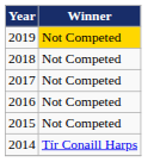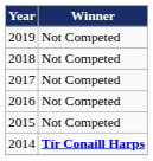 <table class="wikitable">
 <tr>
 <th style="background:#182D69;color:white">Year</th>
 <th style="background:#182D69;color:white">Winner</th>
 </tr>
 <tr>
 <td>2019</td>
-<td style="background: gold;">Not Competed</td>
+<td>Not Competed</td>
 </tr>
 <tr>
 <td>2018</td>
 <td>Not Competed</td>
 </tr>
 <tr>
 <td>2017</td>
 <td>Not Competed</td>
 </tr>
 <tr>
 <td>2016</td>
 <td>Not Competed</td>
 </tr>
 <tr>
 <td>2015</td>
 <td>Not Competed</td>
 </tr>
 <tr>
 <td>2014</td>
-<td><a href='#'>Tír Conaill Harps</a></td>
+<td><strong><a href='#'>Tír Conaill Harps</a></strong></td>
 </tr>
 <tr>
 </tr>
 </table>
